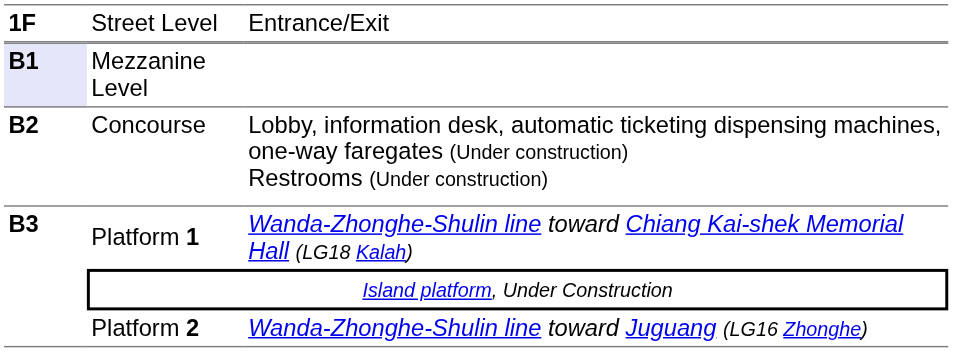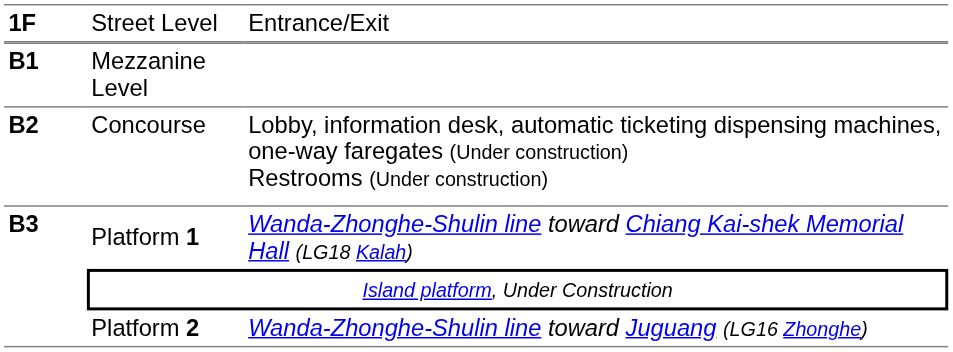 <table table border=0 cellspacing=0 cellpadding=3>
 <tr>
 <td style="border-bottom:solid 1px gray;border-top:solid 1px gray;" width=50 valign=top><strong>1F</strong></td>
 <td style="border-top:solid 1px gray;border-bottom:solid 1px gray;" width=100 valign=top>Street Level</td>
 <td style="border-top:solid 1px gray;border-bottom:solid 1px gray;" width=470 valign=top>Entrance/Exit</td>
 </tr>
 <tr>
-<td style="background: lavender; border-bottom:solid 1px gray;border-top:solid 1px gray;" width=50 valign=top><strong>B1</strong></td>
+<td style="border-bottom:solid 1px gray;border-top:solid 1px gray;" width=50 valign=top><strong>B1</strong></td>
 <td style="border-top:solid 1px gray;border-bottom:solid 1px gray;" width=100 valign=top>Mezzanine Level</td>
 <td style="border-top:solid 1px gray;border-bottom:solid 1px gray;" width=390 valign=top></td>
 </tr>
 <tr>
 <td style="border-bottom:solid 1px gray;" rowspan=2 valign=top width=50><strong>B2</strong></td>
 <td style="border-bottom:solid 1px gray;" rowspan=2 valign=top width=100>Concourse</td>
 <td width=390>Lobby, information desk, automatic ticketing dispensing machines, one-way faregates <small>(Under construction)</small><br>Restrooms <small>(Under construction)</small></td>
 </tr>
 <tr>
 <td style="border-bottom:solid 1px gray;"></td>
 </tr>
 <tr>
 <td style="border-bottom:solid 1px gray;" rowspan=3 valign=top><strong>B3</strong></td>
 <td>Platform <span><strong>1</strong></span></td>
 <td><em> <a href='#'>Wanda-Zhonghe-Shulin line</a> toward <a href='#'>Chiang Kai-shek Memorial Hall</a> <small>(LG18 <a href='#'>Kalah</a>)</small></em></td>
 </tr>
 <tr>
 <td style="border:solid 2px black; text-align:center;" colspan="2"><em><small><a href='#'>Island platform</a>, Under Construction</small></em></td>
 </tr>
 <tr>
 <td style="border-bottom:solid 1px gray;">Platform <span><strong>2</strong></span></td>
 <td style="border-bottom:solid 1px gray;"><em> <a href='#'>Wanda-Zhonghe-Shulin line</a> toward <a href='#'>Juguang</a> <small>(LG16 <a href='#'>Zhonghe</a>)</small></em></td>
 </tr>
 </table>
